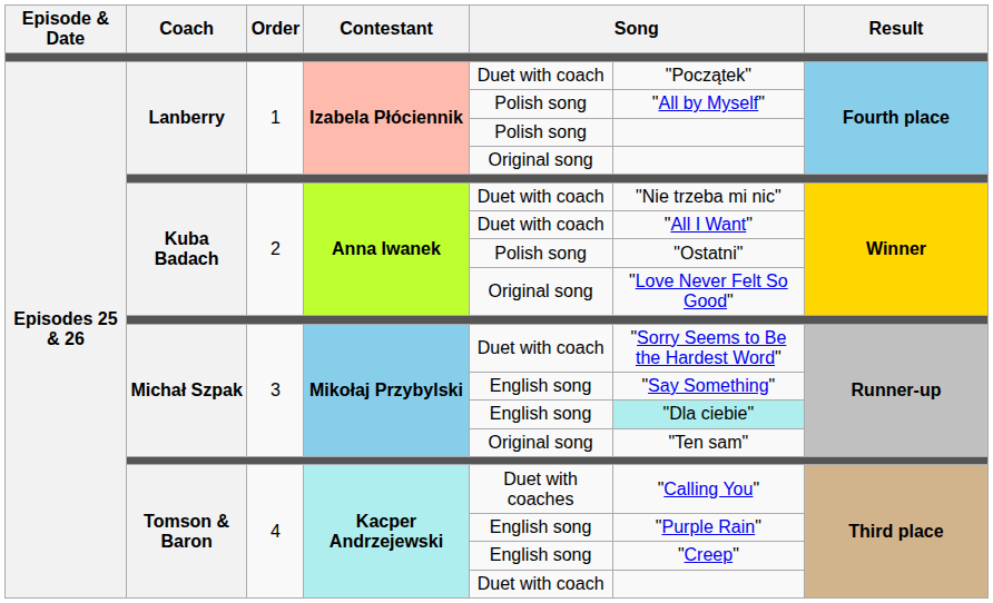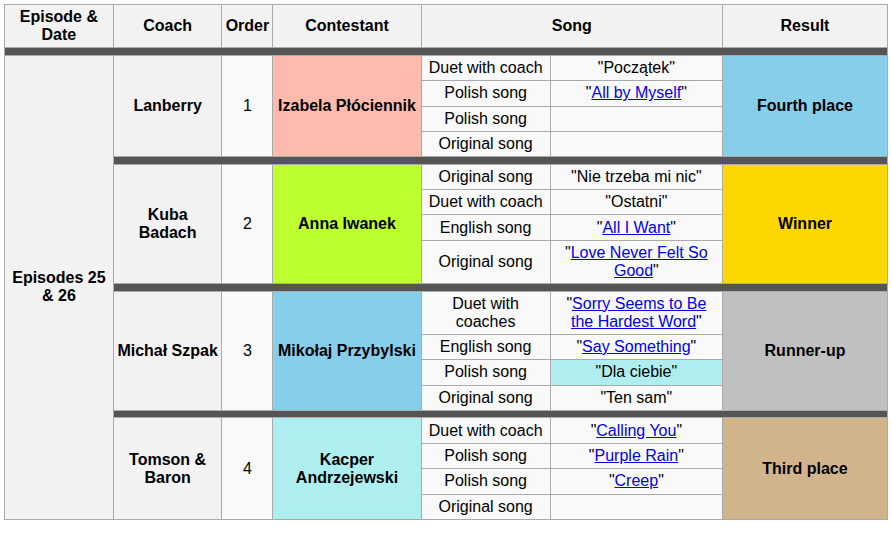 <table class="wikitable" style="width: 100%; text-align: center">
 <tr>
 <th scope="col" style="width:12.5%">Episode & Date</th>
 <th scope="col" style="width:12.5%">Coach</th>
 <th scope="col" style="width:3.75%">Order</th>
 <th scope="col" style="width:17%">Contestant</th>
 <th colspan="2" width="35%">Song</th>
 <th scope="col" style="width:20%">Result</th>
 </tr>
 <tr>
 <td colspan="10" style="background:#555"></td>
 </tr>
 <tr>
 <th rowspan="32">Episodes 25 & 26 </th>
 <th rowspan="4">Lanberry</th>
 <td rowspan="4">1</td>
 <td rowspan="4" style="background:#febaad"><strong>Izabela Płóciennik</strong></td>
 <td width="15%">Duet with coach</td>
 <td>"Początek" </td>
 <td rowspan="4" style="background: skyblue"><strong>Fourth place</strong></td>
 </tr>
 <tr>
 <td>Polish song</td>
 <td>"<a href='#'>All by Myself</a>"</td>
 </tr>
 <tr>
 <td>Polish song</td>
 <td></td>
 </tr>
 <tr>
 <td>Original song</td>
 <td></td>
 </tr>
 <tr>
 <td colspan="6" style="background:#555"></td>
 </tr>
 <tr>
 <th rowspan="4">Kuba Badach</th>
 <td rowspan="4">2</td>
 <td rowspan="4"style="background:#bdff2f"><strong>Anna Iwanek</strong></td>
-<td>Duet with coach</td>
+<td>Original song</td>
 <td>"Nie trzeba mi nic"</td>
 <td rowspan="4" style="background: gold"><strong>Winner</strong></td>
 </tr>
 <tr>
 <td width="15%">Duet with coach</td>
-<td>"<a href='#'>All I Want</a>"</td>
+<td>"Ostatni" </td>
 </tr>
 <tr>
-<td>Polish song</td>
-<td>"Ostatni" </td>
+<td>English song</td>
+<td>"<a href='#'>All I Want</a>"</td>
 </tr>
 <tr>
 <td>Original song</td>
 <td>"<a href='#'>Love Never Felt So Good</a>"</td>
 </tr>
 <tr>
 <td colspan="6" style="background:#555"></td>
 </tr>
 <tr>
 <th rowspan="4">Michał Szpak</th>
 <td rowspan="4">3</td>
 <td rowspan="4" style="background:#87ceeb"><strong>Mikołaj Przybylski</strong></td>
-<td>Duet with coach</td>
+<td>Duet with coaches</td>
 <td>"<a href='#'>Sorry Seems to Be the Hardest Word</a>"</td>
 <td rowspan="4" style="background: silver"><strong>Runner-up</strong></td>
 </tr>
 <tr>
 <td>English song</td>
 <td>"<a href='#'>Say Something</a>"</td>
 </tr>
 <tr>
-<td>English song</td>
+<td>Polish song</td>
 <td style="background: paleturquoise;">"Dla ciebie" </td>
 </tr>
 <tr>
 <td>Original song</td>
 <td>"Ten sam"</td>
 </tr>
 <tr>
 <td colspan="6" style="background:#555"></td>
 </tr>
 <tr>
 <th rowspan="4">Tomson & Baron</th>
 <td rowspan="4">4</td>
 <td rowspan="4" style="background:#afeeee"><strong>Kacper Andrzejewski</strong></td>
-<td>Duet with coaches</td>
+<td>Duet with coach</td>
 <td>"<a href='#'>Calling You</a>"</td>
 <td rowspan="4" style="background: tan"><strong>Third place</strong></td>
 </tr>
 <tr>
-<td>English song</td>
+<td>Polish song</td>
 <td>"<a href='#'>Purple Rain</a>"</td>
 </tr>
 <tr>
-<td>English song</td>
+<td>Polish song</td>
 <td>"<a href='#'>Creep</a>"</td>
 </tr>
 <tr>
-<td width="15%">Duet with coach</td>
+<td>Original song</td>
 <td></td>
 </tr>
 </table>
